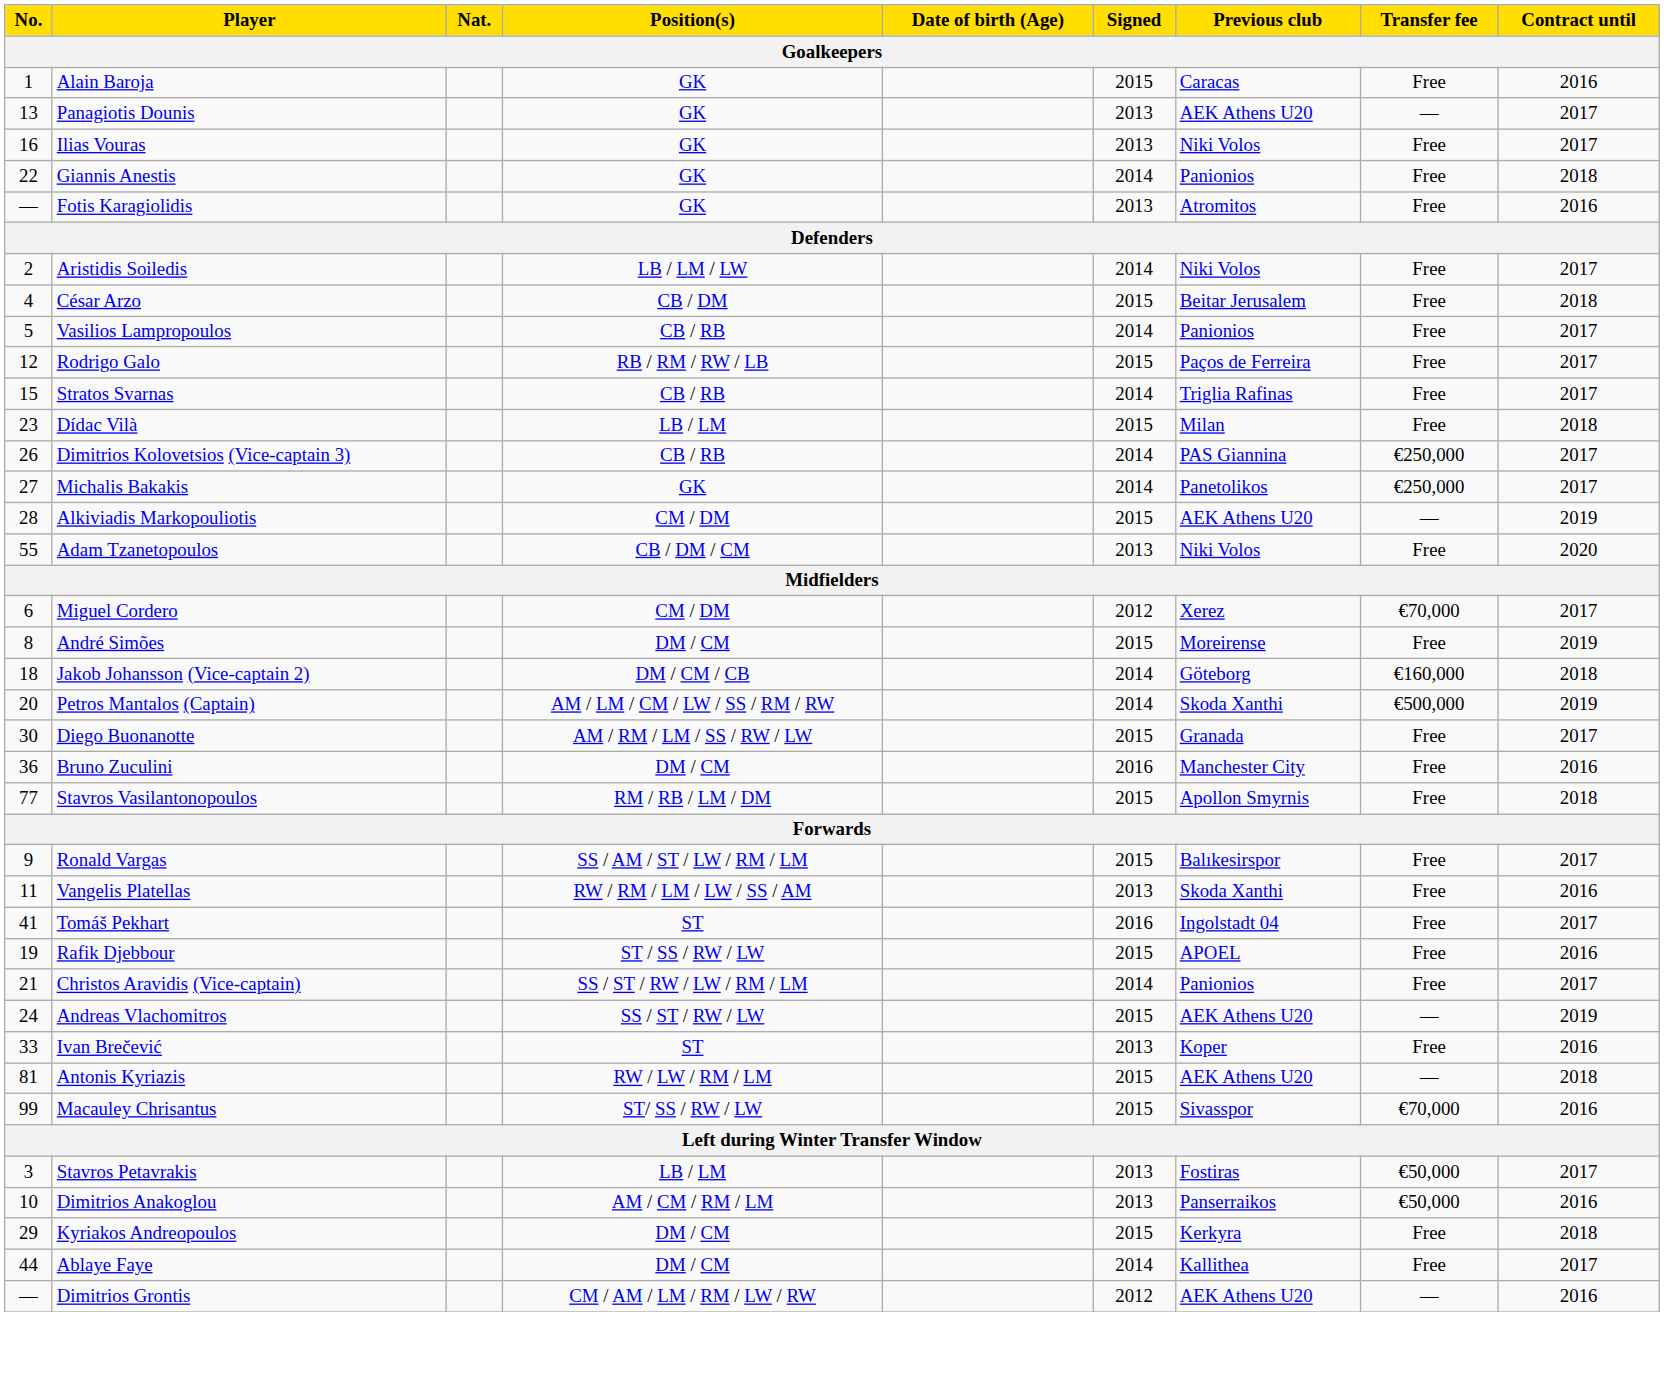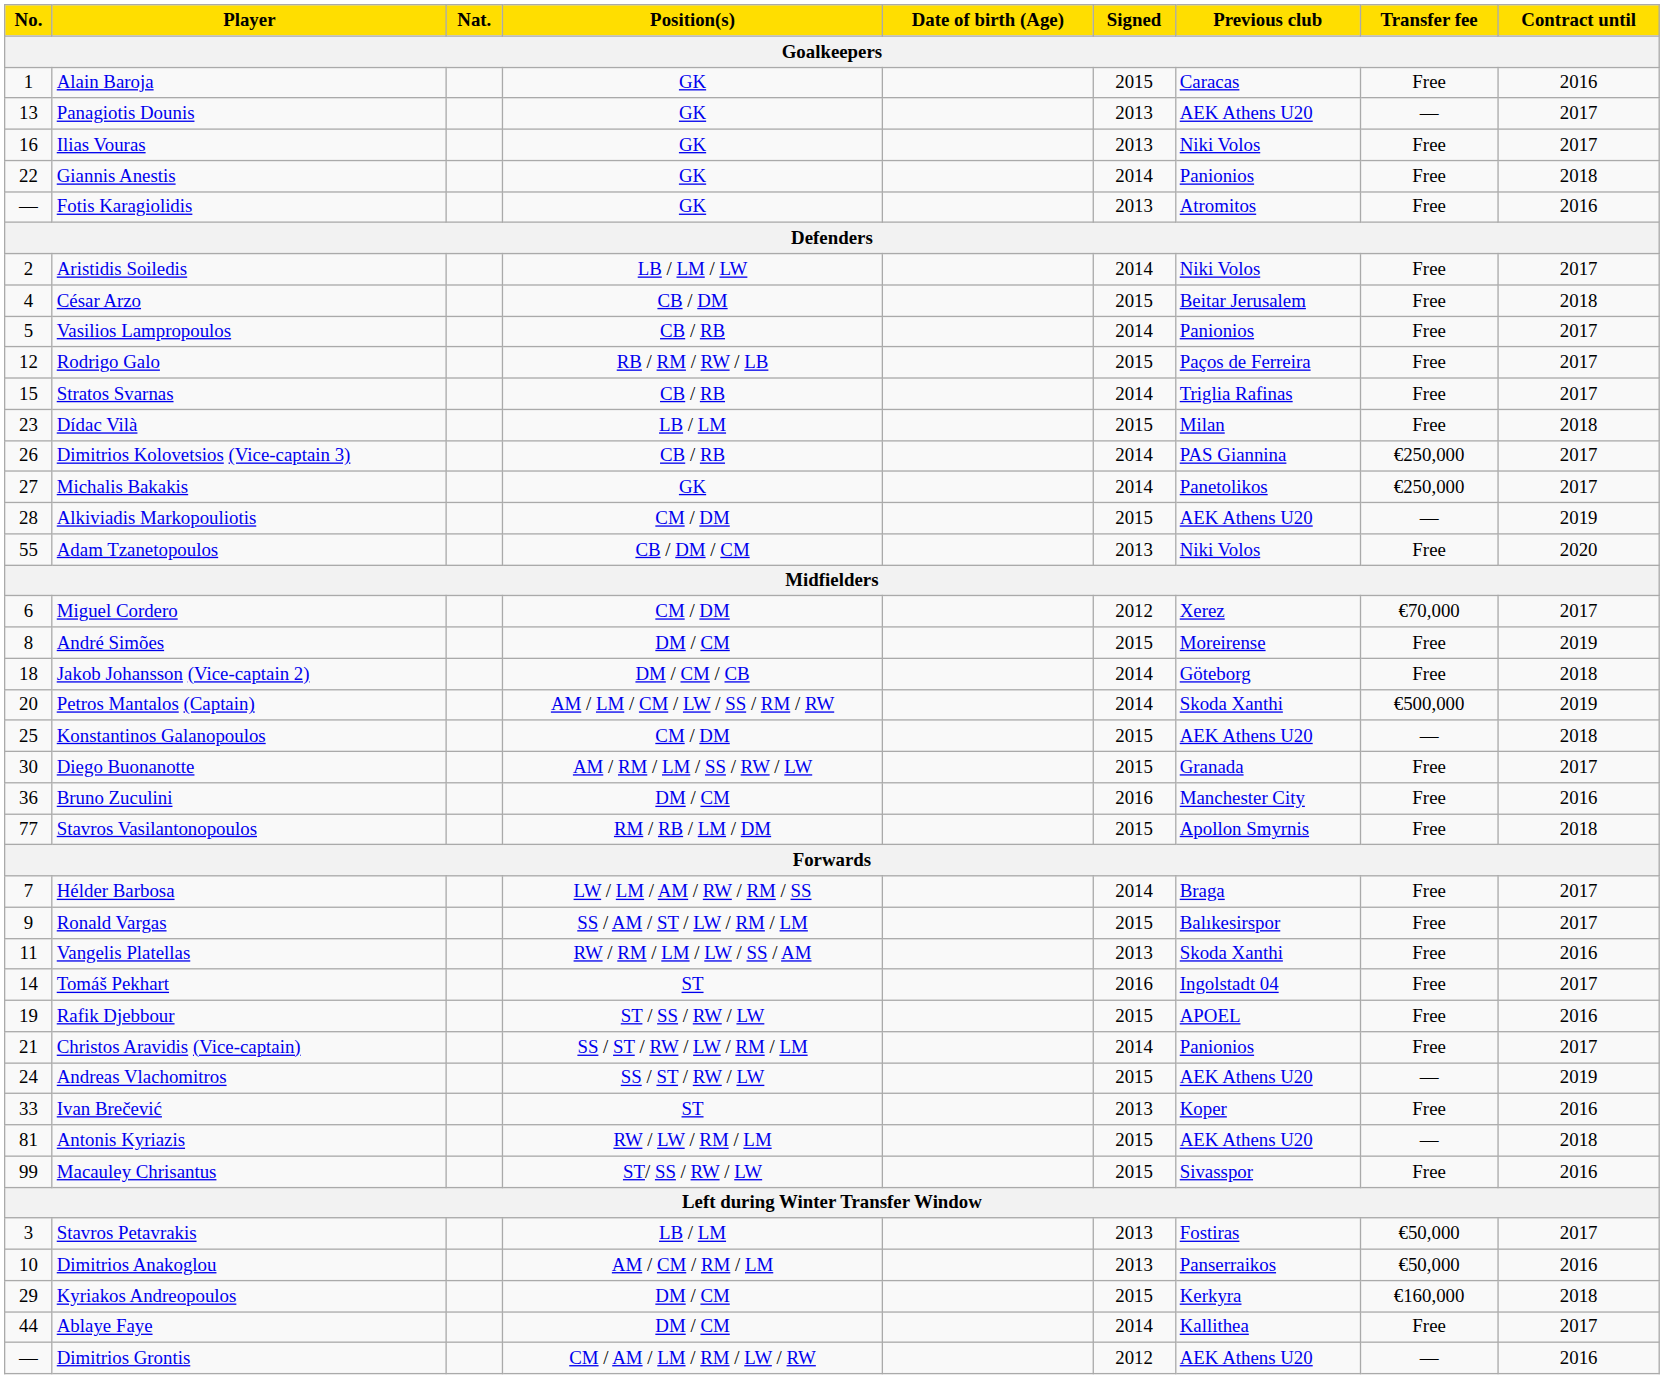 <table class="wikitable" style="text-align:center; font-size:90%; width:100%">
 <tr>
 <th style="background:#FFDE00">No.</th>
 <th style="background:#FFDE00">Player</th>
 <th style="background:#FFDE00">Nat.</th>
 <th style="background:#FFDE00">Position(s)</th>
 <th style="background:#FFDE00">Date of birth (Age)</th>
 <th style="background:#FFDE00">Signed</th>
 <th style="background:#FFDE00">Previous club</th>
 <th style="background:#FFDE00">Transfer fee</th>
 <th style="background:#FFDE00">Contract until</th>
 </tr>
 <tr>
 <th colspan="9">Goalkeepers</th>
 </tr>
 <tr>
 <td>1</td>
 <td align=left><a href='#'>Alain Baroja</a></td>
 <td></td>
 <td><a href='#'>GK</a></td>
 <td></td>
 <td>2015</td>
 <td align=left> <a href='#'>Caracas</a></td>
 <td>Free</td>
 <td>2016</td>
 </tr>
 <tr>
 <td>13</td>
 <td align=left><a href='#'>Panagiotis Dounis</a></td>
 <td></td>
 <td><a href='#'>GK</a></td>
 <td></td>
 <td>2013</td>
 <td align=left> <a href='#'>AEK Athens U20</a></td>
 <td>—</td>
 <td>2017</td>
 </tr>
 <tr>
 <td>16</td>
 <td align=left><a href='#'>Ilias Vouras</a></td>
 <td></td>
 <td><a href='#'>GK</a></td>
 <td></td>
 <td>2013</td>
 <td align=left> <a href='#'>Niki Volos</a></td>
 <td>Free</td>
 <td>2017</td>
 </tr>
 <tr>
 <td>22</td>
 <td align=left><a href='#'>Giannis Anestis</a></td>
 <td></td>
 <td><a href='#'>GK</a></td>
 <td></td>
 <td>2014</td>
 <td align=left> <a href='#'>Panionios</a></td>
 <td>Free</td>
 <td>2018</td>
 </tr>
 <tr>
 <td>—</td>
 <td align=left><a href='#'>Fotis Karagiolidis</a></td>
 <td></td>
 <td><a href='#'>GK</a></td>
 <td></td>
 <td>2013</td>
 <td align=left> <a href='#'>Atromitos</a></td>
 <td>Free</td>
 <td>2016</td>
 </tr>
 <tr>
 <th colspan="9">Defenders</th>
 </tr>
 <tr>
 <td>2</td>
 <td align=left><a href='#'>Aristidis Soiledis</a></td>
 <td></td>
 <td><a href='#'>LB</a> / <a href='#'>LM</a> / <a href='#'>LW</a></td>
 <td></td>
 <td>2014</td>
 <td align=left> <a href='#'>Niki Volos</a></td>
 <td>Free</td>
 <td>2017</td>
 </tr>
 <tr>
 <td>4</td>
 <td align=left><a href='#'>César Arzo</a></td>
 <td></td>
 <td><a href='#'>CB</a> / <a href='#'>DM</a></td>
 <td></td>
 <td>2015</td>
 <td align=left> <a href='#'>Beitar Jerusalem</a></td>
 <td>Free</td>
 <td>2018</td>
 </tr>
 <tr>
 <td>5</td>
 <td align=left><a href='#'>Vasilios Lampropoulos</a></td>
 <td></td>
 <td><a href='#'>CB</a> / <a href='#'>RB</a></td>
 <td></td>
 <td>2014</td>
 <td align=left> <a href='#'>Panionios</a></td>
 <td>Free</td>
 <td>2017</td>
 </tr>
 <tr>
 <td>12</td>
 <td align=left><a href='#'>Rodrigo Galo</a></td>
 <td></td>
 <td><a href='#'>RB</a> / <a href='#'>RM</a> / <a href='#'>RW</a> / <a href='#'>LB</a></td>
 <td></td>
 <td>2015</td>
 <td align=left> <a href='#'>Paços de Ferreira</a></td>
 <td>Free</td>
 <td>2017</td>
 </tr>
 <tr>
 <td>15</td>
 <td align=left><a href='#'>Stratos Svarnas</a></td>
 <td></td>
 <td><a href='#'>CB</a> / <a href='#'>RB</a></td>
 <td></td>
 <td>2014</td>
 <td align=left> <a href='#'>Triglia Rafinas</a></td>
 <td>Free</td>
 <td>2017</td>
 </tr>
 <tr>
 <td>23</td>
 <td align=left><a href='#'>Dídac Vilà</a></td>
 <td></td>
 <td><a href='#'>LB</a> / <a href='#'>LM</a></td>
 <td></td>
 <td>2015</td>
 <td align=left> <a href='#'>Milan</a></td>
 <td>Free</td>
 <td>2018</td>
 </tr>
 <tr>
 <td>26</td>
 <td align=left><a href='#'>Dimitrios Kolovetsios</a> <a href='#'>(Vice-captain 3)</a></td>
 <td></td>
 <td><a href='#'>CB</a> / <a href='#'>RB</a></td>
 <td></td>
 <td>2014</td>
 <td align=left> <a href='#'>PAS Giannina</a></td>
 <td>€250,000</td>
 <td>2017</td>
 </tr>
 <tr>
 <td>27</td>
 <td align=left><a href='#'>Michalis Bakakis</a></td>
 <td></td>
 <td><a href='#'>GK</a></td>
 <td></td>
 <td>2014</td>
 <td align=left> <a href='#'>Panetolikos</a></td>
 <td>€250,000</td>
 <td>2017</td>
 </tr>
 <tr>
 <td>28</td>
 <td align=left><a href='#'>Alkiviadis Markopouliotis</a></td>
 <td></td>
 <td><a href='#'>CM</a> / <a href='#'>DM</a></td>
 <td></td>
 <td>2015</td>
 <td align=left> <a href='#'>AEK Athens U20</a></td>
 <td>—</td>
 <td>2019</td>
 </tr>
 <tr>
 <td>55</td>
 <td align=left><a href='#'>Adam Tzanetopoulos</a></td>
 <td></td>
 <td><a href='#'>CB</a> / <a href='#'>DM</a> / <a href='#'>CM</a></td>
 <td></td>
 <td>2013</td>
 <td align=left> <a href='#'>Niki Volos</a></td>
 <td>Free</td>
 <td>2020</td>
 </tr>
 <tr>
 <th colspan="9">Midfielders</th>
 </tr>
 <tr>
 <td>6</td>
 <td align=left><a href='#'>Miguel Cordero</a></td>
 <td></td>
 <td><a href='#'>CM</a> / <a href='#'>DM</a></td>
 <td></td>
 <td>2012</td>
 <td align=left> <a href='#'>Xerez</a></td>
 <td>€70,000</td>
 <td>2017</td>
 </tr>
 <tr>
 <td>8</td>
 <td align=left><a href='#'>André Simões</a></td>
 <td></td>
 <td><a href='#'>DM</a> / <a href='#'>CM</a></td>
 <td></td>
 <td>2015</td>
 <td align=left> <a href='#'>Moreirense</a></td>
 <td>Free</td>
 <td>2019</td>
 </tr>
 <tr>
 <td>18</td>
 <td align=left><a href='#'>Jakob Johansson</a> <a href='#'>(Vice-captain 2)</a></td>
 <td></td>
 <td><a href='#'>DM</a> / <a href='#'>CM</a> / <a href='#'>CB</a></td>
 <td></td>
 <td>2014</td>
 <td align=left> <a href='#'>Göteborg</a></td>
-<td>€160,000</td>
+<td>Free</td>
 <td>2018</td>
 </tr>
 <tr>
 <td>20</td>
 <td align=left><a href='#'>Petros Mantalos</a> <a href='#'>(Captain)</a></td>
 <td></td>
 <td><a href='#'>AM</a> / <a href='#'>LM</a> / <a href='#'>CM</a> / <a href='#'>LW</a> / <a href='#'>SS</a> / <a href='#'>RM</a> / <a href='#'>RW</a></td>
 <td></td>
 <td>2014</td>
 <td align=left> <a href='#'>Skoda Xanthi</a></td>
 <td>€500,000</td>
 <td>2019</td>
+</tr>
+<tr>
+<td>25</td>
+<td align=left><a href='#'>Konstantinos Galanopoulos</a></td>
+<td></td>
+<td><a href='#'>CM</a> / <a href='#'>DM</a></td>
+<td></td>
+<td>2015</td>
+<td align=left> <a href='#'>AEK Athens U20</a></td>
+<td>—</td>
+<td>2018</td>
 </tr>
 <tr>
 <td>30</td>
 <td align=left><a href='#'>Diego Buonanotte</a></td>
 <td></td>
 <td><a href='#'>AM</a> / <a href='#'>RM</a> / <a href='#'>LM</a> / <a href='#'>SS</a> / <a href='#'>RW</a> / <a href='#'>LW</a></td>
 <td></td>
 <td>2015</td>
 <td align=left> <a href='#'>Granada</a></td>
 <td>Free</td>
 <td>2017</td>
 </tr>
 <tr>
 <td>36</td>
 <td align=left><a href='#'>Bruno Zuculini</a></td>
 <td></td>
 <td><a href='#'>DM</a> / <a href='#'>CM</a></td>
 <td></td>
 <td>2016</td>
 <td align=left> <a href='#'>Manchester City</a></td>
 <td>Free</td>
 <td>2016</td>
 </tr>
 <tr>
 <td>77</td>
 <td align=left><a href='#'>Stavros Vasilantonopoulos</a></td>
 <td></td>
 <td><a href='#'>RM</a> / <a href='#'>RB</a> / <a href='#'>LM</a> / <a href='#'>DM</a></td>
 <td></td>
 <td>2015</td>
 <td align=left> <a href='#'>Apollon Smyrnis</a></td>
 <td>Free</td>
 <td>2018</td>
 </tr>
 <tr>
 <th colspan="9">Forwards</th>
 </tr>
 <tr>
+<td>7</td>
+<td align=left><a href='#'>Hélder Barbosa</a></td>
+<td></td>
+<td><a href='#'>LW</a> / <a href='#'>LM</a> / <a href='#'>AM</a> / <a href='#'>RW</a> / <a href='#'>RM</a> / <a href='#'>SS</a></td>
+<td></td>
+<td>2014</td>
+<td align=left> <a href='#'>Braga</a></td>
+<td>Free</td>
+<td>2017</td>
+</tr>
+<tr>
 <td>9</td>
 <td align=left><a href='#'>Ronald Vargas</a></td>
 <td></td>
 <td><a href='#'>SS</a> / <a href='#'>AM</a> / <a href='#'>ST</a> / <a href='#'>LW</a> / <a href='#'>RM</a> / <a href='#'>LM</a></td>
 <td></td>
 <td>2015</td>
 <td align=left> <a href='#'>Balıkesirspor</a></td>
 <td>Free</td>
 <td>2017</td>
 </tr>
 <tr>
 <td>11</td>
 <td align=left><a href='#'>Vangelis Platellas</a></td>
 <td></td>
 <td><a href='#'>RW</a> / <a href='#'>RM</a> / <a href='#'>LM</a> / <a href='#'>LW</a> / <a href='#'>SS</a> / <a href='#'>AM</a></td>
 <td></td>
 <td>2013</td>
 <td align=left> <a href='#'>Skoda Xanthi</a></td>
 <td>Free</td>
 <td>2016</td>
 </tr>
 <tr>
-<td>41</td>
+<td>14</td>
 <td align=left><a href='#'>Tomáš Pekhart</a></td>
 <td></td>
 <td><a href='#'>ST</a></td>
 <td></td>
 <td>2016</td>
 <td align=left> <a href='#'>Ingolstadt 04</a></td>
 <td>Free</td>
 <td>2017</td>
 </tr>
 <tr>
 <td>19</td>
 <td align=left><a href='#'>Rafik Djebbour</a></td>
 <td></td>
 <td><a href='#'>ST</a> / <a href='#'>SS</a> / <a href='#'>RW</a> / <a href='#'>LW</a></td>
 <td></td>
 <td>2015</td>
 <td align=left> <a href='#'>APOEL</a></td>
 <td>Free</td>
 <td>2016</td>
 </tr>
 <tr>
 <td>21</td>
 <td align=left><a href='#'>Christos Aravidis</a> <a href='#'>(Vice-captain)</a></td>
 <td></td>
 <td><a href='#'>SS</a> / <a href='#'>ST</a> / <a href='#'>RW</a> / <a href='#'>LW</a> / <a href='#'>RM</a> / <a href='#'>LM</a></td>
 <td></td>
 <td>2014</td>
 <td align=left> <a href='#'>Panionios</a></td>
 <td>Free</td>
 <td>2017</td>
 </tr>
 <tr>
 <td>24</td>
 <td align=left><a href='#'>Andreas Vlachomitros</a></td>
 <td></td>
 <td><a href='#'>SS</a> / <a href='#'>ST</a> / <a href='#'>RW</a> / <a href='#'>LW</a></td>
 <td></td>
 <td>2015</td>
 <td align=left> <a href='#'>AEK Athens U20</a></td>
 <td>—</td>
 <td>2019</td>
 </tr>
 <tr>
 <td>33</td>
 <td align=left><a href='#'>Ivan Brečević</a></td>
 <td></td>
 <td><a href='#'>ST</a></td>
 <td></td>
 <td>2013</td>
 <td align=left> <a href='#'>Koper</a></td>
 <td>Free</td>
 <td>2016</td>
 </tr>
 <tr>
 <td>81</td>
 <td align=left><a href='#'>Antonis Kyriazis</a></td>
 <td></td>
 <td><a href='#'>RW</a> / <a href='#'>LW</a> / <a href='#'>RM</a> / <a href='#'>LM</a></td>
 <td></td>
 <td>2015</td>
 <td align=left> <a href='#'>AEK Athens U20</a></td>
 <td>—</td>
 <td>2018</td>
 </tr>
 <tr>
 <td>99</td>
 <td align=left><a href='#'>Macauley Chrisantus</a></td>
 <td></td>
 <td><a href='#'>ST</a>/ <a href='#'>SS</a> / <a href='#'>RW</a> / <a href='#'>LW</a></td>
 <td></td>
 <td>2015</td>
 <td align=left> <a href='#'>Sivasspor</a></td>
-<td>€70,000</td>
+<td>Free</td>
 <td>2016</td>
 </tr>
 <tr>
 <th colspan="9">Left during Winter Transfer Window</th>
 </tr>
 <tr>
 <td>3</td>
 <td align=left><a href='#'>Stavros Petavrakis</a></td>
 <td></td>
 <td><a href='#'>LB</a> / <a href='#'>LM</a></td>
 <td></td>
 <td>2013</td>
 <td align=left> <a href='#'>Fostiras</a></td>
 <td>€50,000</td>
 <td>2017</td>
 </tr>
 <tr>
 <td>10</td>
 <td align=left><a href='#'>Dimitrios Anakoglou</a></td>
 <td></td>
 <td><a href='#'>AM</a> / <a href='#'>CM</a> / <a href='#'>RM</a> / <a href='#'>LM</a></td>
 <td></td>
 <td>2013</td>
 <td align=left> <a href='#'>Panserraikos</a></td>
 <td>€50,000</td>
 <td>2016</td>
 </tr>
 <tr>
 <td>29</td>
 <td align=left><a href='#'>Kyriakos Andreopoulos</a></td>
 <td></td>
 <td><a href='#'>DM</a> / <a href='#'>CM</a></td>
 <td></td>
 <td>2015</td>
 <td align=left> <a href='#'>Kerkyra</a></td>
-<td>Free</td>
+<td>€160,000</td>
 <td>2018</td>
 </tr>
 <tr>
 <td>44</td>
 <td align=left><a href='#'>Ablaye Faye</a></td>
 <td></td>
 <td><a href='#'>DM</a> / <a href='#'>CM</a></td>
 <td></td>
 <td>2014</td>
 <td align=left> <a href='#'>Kallithea</a></td>
 <td>Free</td>
 <td>2017</td>
 </tr>
 <tr>
 <td>—</td>
 <td align=left><a href='#'>Dimitrios Grontis</a></td>
 <td></td>
 <td><a href='#'>CM</a> / <a href='#'>AM</a> / <a href='#'>LM</a> / <a href='#'>RM</a> / <a href='#'>LW</a> / <a href='#'>RW</a></td>
 <td></td>
 <td>2012</td>
 <td align=left> <a href='#'>AEK Athens U20</a></td>
 <td>—</td>
 <td>2016</td>
 </tr>
 </table>
